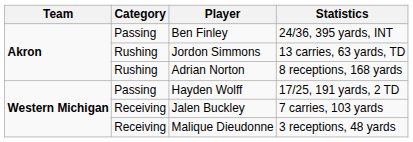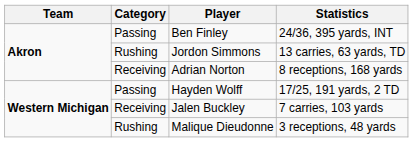 <table class="wikitable" style="float: right;">
 <tr>
 <th>Team</th>
 <th>Category</th>
 <th>Player</th>
 <th>Statistics</th>
 </tr>
 <tr>
 <td rowspan=3><strong>Akron</strong></td>
 <td>Passing</td>
 <td>Ben Finley</td>
 <td>24/36, 395 yards, INT</td>
 </tr>
 <tr>
 <td>Rushing</td>
 <td>Jordon Simmons</td>
 <td>13 carries, 63 yards, TD</td>
 </tr>
 <tr>
-<td>Rushing</td>
+<td>Receiving</td>
 <td>Adrian Norton</td>
 <td>8 receptions, 168 yards</td>
 </tr>
 <tr>
 <td rowspan=3><strong>Western Michigan</strong></td>
 <td>Passing</td>
 <td>Hayden Wolff</td>
 <td>17/25, 191 yards, 2 TD</td>
 </tr>
 <tr>
 <td>Receiving</td>
 <td>Jalen Buckley</td>
 <td>7 carries, 103 yards</td>
 </tr>
 <tr>
-<td>Receiving</td>
+<td>Rushing</td>
 <td>Malique Dieudonne</td>
 <td>3 receptions, 48 yards</td>
 </tr>
 </table>
